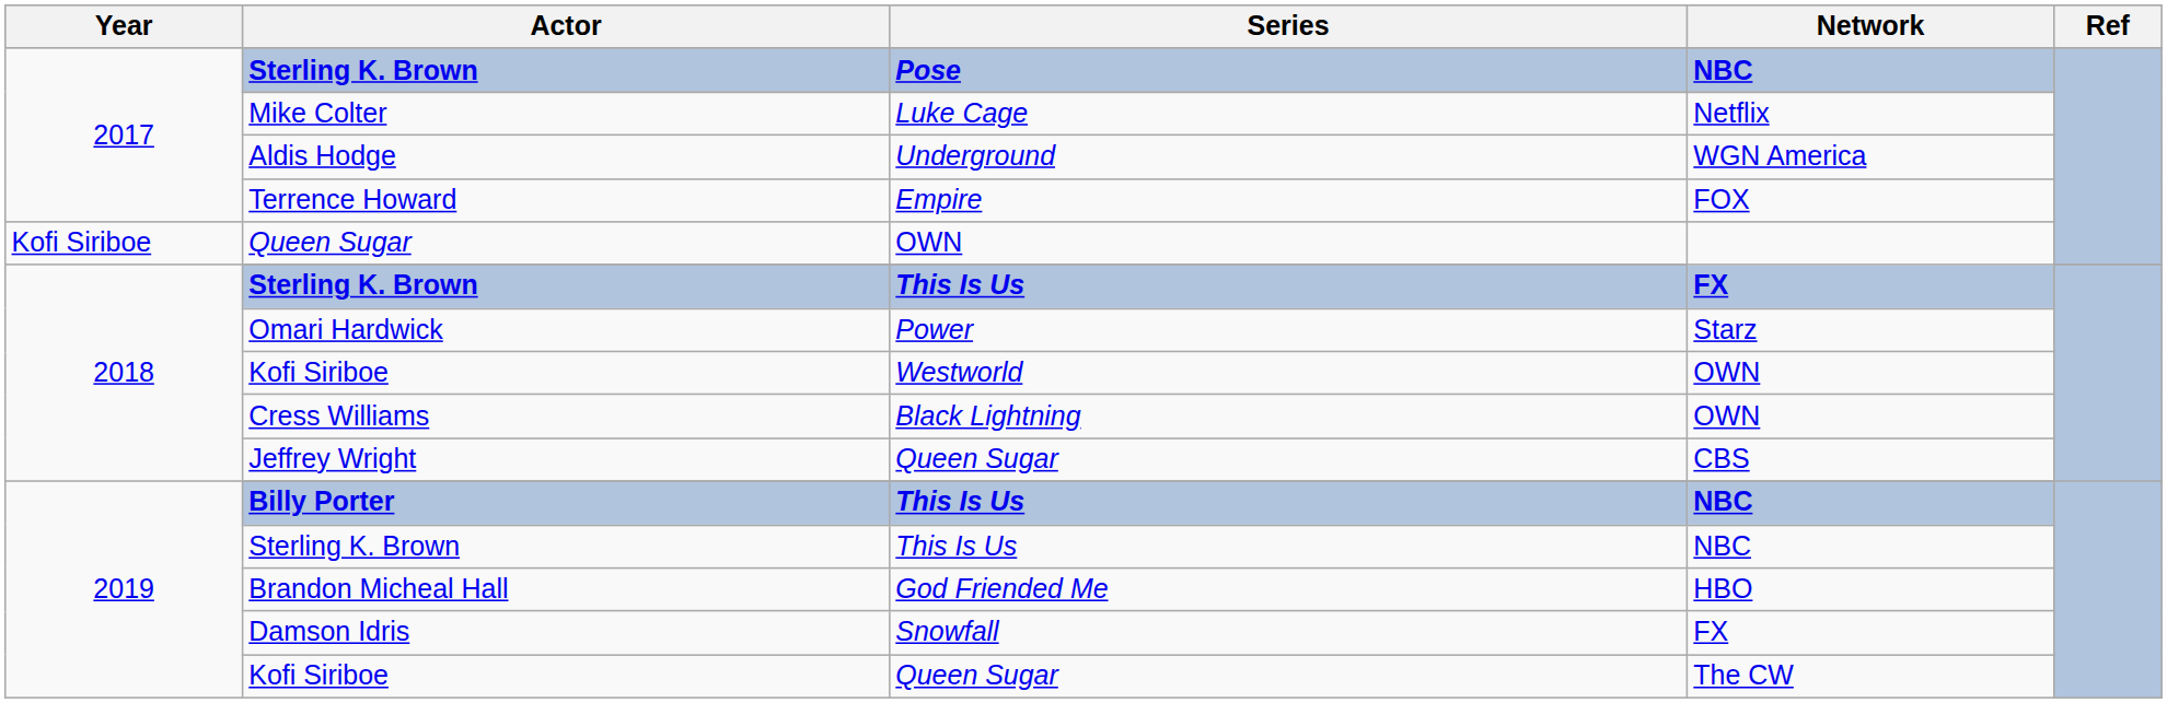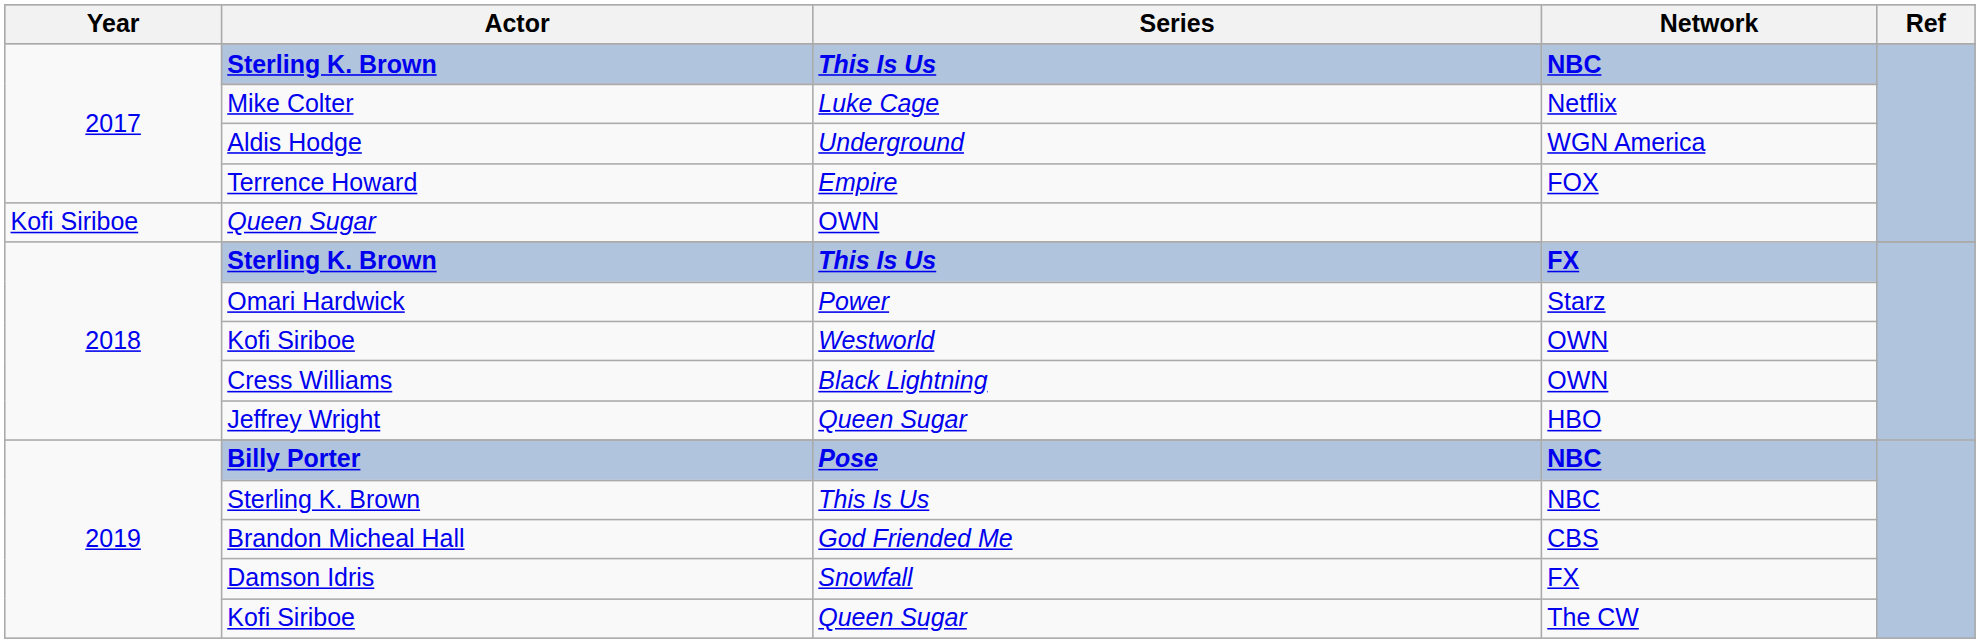 <table class="wikitable" style="width:100%;">
 <tr style="background:#bebebe;">
 <th style="width:11%;">Year</th>
 <th style="width:30%;">Actor</th>
 <th style="width:37%;">Series</th>
 <th style="width:17%;">Network</th>
 <th style="width:5%;">Ref</th>
 </tr>
 <tr>
 <td rowspan="6" align="center"><a href='#'>2017</a></td>
 </tr>
 <tr style="background:#B0C4DE">
 <td><strong><a href='#'>Sterling K. Brown</a></strong></td>
-<td><strong><em><a href='#'>Pose</a></em></strong></td>
+<td><strong><em><a href='#'>This Is Us</a></em></strong></td>
 <td><strong><a href='#'>NBC</a></strong></td>
 <td rowspan="6" align="center"></td>
 </tr>
 <tr>
 </tr>
 <tr>
 <td><a href='#'>Mike Colter</a></td>
 <td><em><a href='#'>Luke Cage</a></em></td>
 <td><a href='#'>Netflix</a></td>
 </tr>
 <tr>
 <td><a href='#'>Aldis Hodge</a></td>
 <td><em><a href='#'>Underground</a></em></td>
 <td><a href='#'> WGN America</a></td>
 </tr>
 <tr>
 <td><a href='#'>Terrence Howard</a></td>
 <td><em><a href='#'>Empire</a></em></td>
 <td><a href='#'>FOX</a></td>
 </tr>
 <tr>
 <td><a href='#'>Kofi Siriboe</a></td>
 <td><em><a href='#'>Queen Sugar</a></em></td>
 <td><a href='#'>OWN</a></td>
 </tr>
 <tr>
 <td rowspan="6" align="center"><a href='#'>2018</a></td>
 </tr>
 <tr style="background:#B0C4DE">
 <td><strong><a href='#'>Sterling K. Brown</a></strong></td>
 <td><strong><em><a href='#'>This Is Us</a></em></strong></td>
 <td><strong><a href='#'>FX</a></strong></td>
 <td rowspan="6" align="center"></td>
 </tr>
 <tr>
 <td><a href='#'>Omari Hardwick</a></td>
 <td><em><a href='#'>Power</a></em></td>
 <td><a href='#'>Starz</a></td>
 </tr>
 <tr>
 <td><a href='#'>Kofi Siriboe</a></td>
 <td><em><a href='#'>Westworld</a></em></td>
 <td><a href='#'>OWN</a></td>
 </tr>
 <tr>
 <td><a href='#'>Cress Williams</a></td>
 <td><em><a href='#'>Black Lightning</a></em></td>
 <td><a href='#'>OWN</a></td>
 </tr>
 <tr>
 <td><a href='#'>Jeffrey Wright</a></td>
 <td><em><a href='#'>Queen Sugar</a></em></td>
-<td><a href='#'>CBS</a></td>
+<td><a href='#'>HBO</a></td>
 </tr>
 <tr>
 <td rowspan="6" align="center"><a href='#'>2019</a></td>
 </tr>
 <tr style="background:#B0C4DE">
 <td><strong><a href='#'>Billy Porter</a></strong></td>
-<td><strong><em><a href='#'>This Is Us</a></em></strong></td>
+<td><strong><em><a href='#'>Pose</a></em></strong></td>
 <td><strong><a href='#'>NBC</a></strong></td>
 <td rowspan="6" align="center"></td>
 </tr>
 <tr>
 <td><a href='#'>Sterling K. Brown</a></td>
 <td><em><a href='#'>This Is Us</a></em></td>
 <td><a href='#'>NBC</a></td>
 </tr>
 <tr>
 <td><a href='#'>Brandon Micheal Hall</a></td>
 <td><em><a href='#'>God Friended Me</a></em></td>
-<td><a href='#'>HBO</a></td>
+<td><a href='#'>CBS</a></td>
 </tr>
 <tr>
 <td><a href='#'>Damson Idris</a></td>
 <td><em><a href='#'>Snowfall</a></em></td>
 <td><a href='#'>FX</a></td>
 </tr>
 <tr>
 <td><a href='#'>Kofi Siriboe</a></td>
 <td><em><a href='#'>Queen Sugar</a></em></td>
 <td><a href='#'>The CW</a></td>
 </tr>
 </table>
